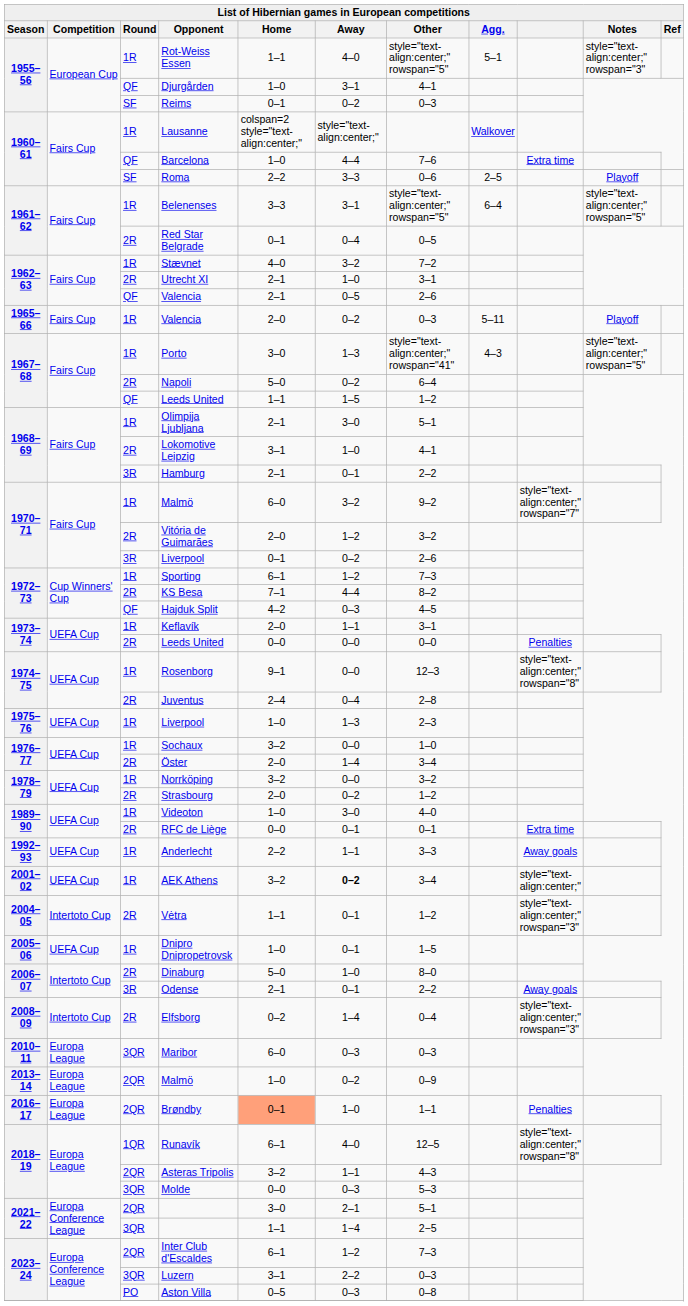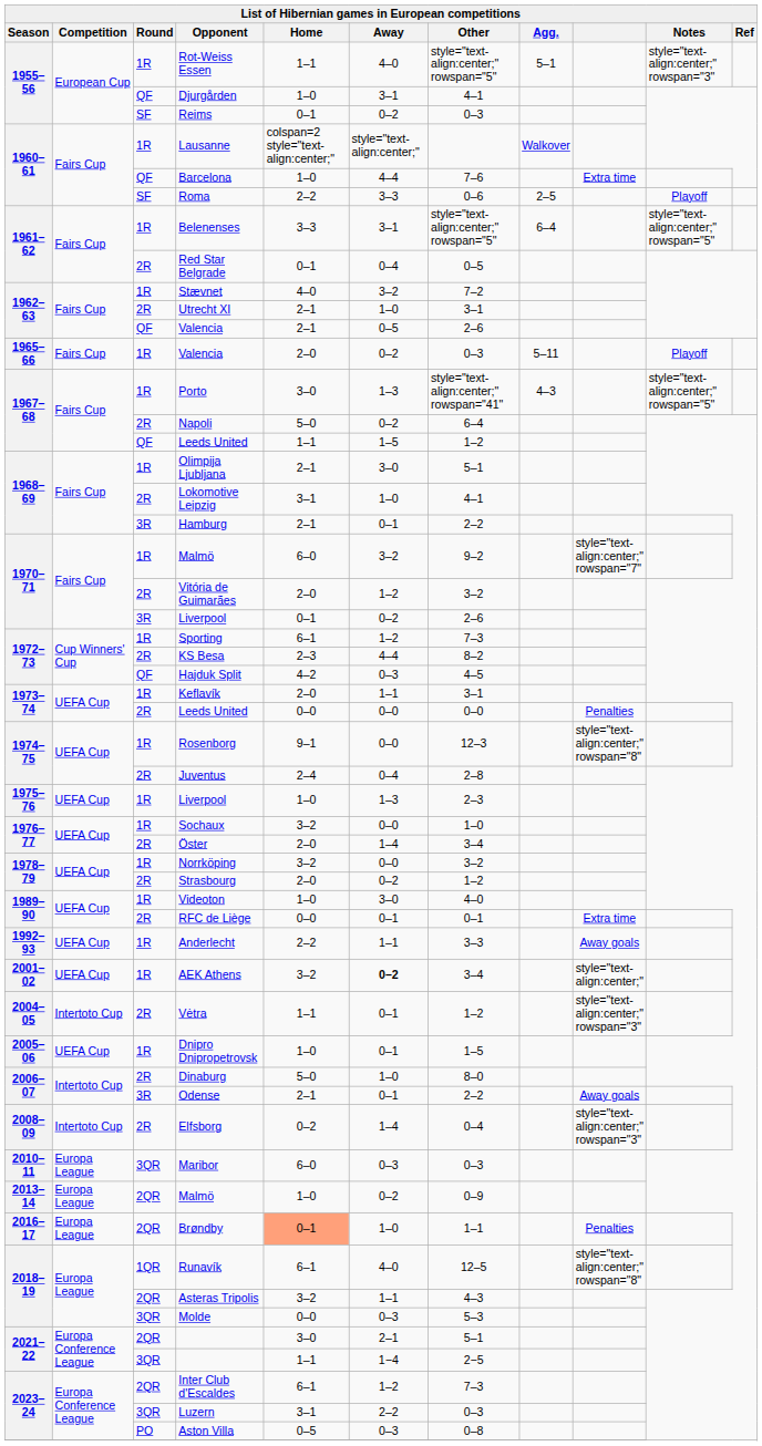 <table class="sortable plainrowheaders wikitable" width="65%" style="text-align: left;">
 <tr>
 <th style="background:#EFEFEF;" colspan=17>List of Hibernian games in European competitions</th>
 </tr>
 <tr>
 <th>Season</th>
 <th>Competition</th>
 <th>Round</th>
 <th>Opponent</th>
 <th class="unsortable">Home</th>
 <th class="unsortable">Away</th>
 <th class="unsortable">Other</th>
 <th class="unsortable"><a href='#'>Agg.</a></th>
 <th scope="col" width=15></th>
 <th class="unsortable">Notes</th>
 <th class="unsortable">Ref</th>
 </tr>
 <tr>
 <th scope="row" rowspan="3"><a href='#'>1955–56</a></th>
 <td rowspan="3"><a href='#'>European Cup</a></td>
 <td><a href='#'>1R</a></td>
 <td> <a href='#'>Rot-Weiss Essen</a></td>
 <td style="text-align:center;">1–1</td>
 <td style="text-align:center;">4–0</td>
 <td>style="text-align:center;" rowspan="5" </td>
 <td style="text-align:center;">5–1</td>
 <td style="text-align:center;"></td>
 <td>style="text-align:center;" rowspan="3" </td>
 <td style="text-align:center;"></td>
 </tr>
 <tr>
 <td><a href='#'>QF</a></td>
 <td> <a href='#'>Djurgården</a></td>
 <td style="text-align:center;">1–0</td>
 <td style="text-align:center;">3–1</td>
 <td style="text-align:center;">4–1</td>
 <td style="text-align:center;"></td>
 <td style="text-align:center;"></td>
 </tr>
 <tr>
 <td><a href='#'>SF</a></td>
 <td> <a href='#'>Reims</a></td>
 <td style="text-align:center;">0–1</td>
 <td style="text-align:center;">0–2</td>
 <td style="text-align:center;">0–3</td>
 <td style="text-align:center;"></td>
 <td style="text-align:center;"></td>
 </tr>
 <tr>
 <th scope="row" rowspan="3"><a href='#'>1960–61</a></th>
 <td rowspan="3"><a href='#'>Fairs Cup</a></td>
 <td><a href='#'>1R</a></td>
 <td> <a href='#'>Lausanne</a></td>
 <td>colspan=2 style="text-align:center;" </td>
 <td>style="text-align:center;" </td>
 <td style="text-align:center;"></td>
 <td style="text-align:center;"><a href='#'>Walkover</a></td>
 <td style="text-align:center;"></td>
 </tr>
 <tr>
 <td><a href='#'>QF</a></td>
 <td> <a href='#'>Barcelona</a></td>
 <td style="text-align:center;">1–0</td>
 <td style="text-align:center;">4–4</td>
 <td style="text-align:center;">7–6</td>
 <td style="text-align:center;"></td>
 <td style="text-align:center;"><a href='#'>Extra time</a></td>
 <td style="text-align:center;"></td>
 </tr>
 <tr>
 <td><a href='#'>SF</a></td>
 <td> <a href='#'>Roma</a></td>
 <td style="text-align:center;">2–2</td>
 <td style="text-align:center;">3–3</td>
 <td style="text-align:center;">0–6</td>
 <td style="text-align:center;">2–5</td>
 <td style="text-align:center;"></td>
 <td style="text-align:center;"><a href='#'>Playoff</a></td>
 <td style="text-align:center;"></td>
 </tr>
 <tr>
 <th scope="row" rowspan="2"><a href='#'>1961–62</a></th>
 <td rowspan="2"><a href='#'>Fairs Cup</a></td>
 <td><a href='#'>1R</a></td>
 <td> <a href='#'>Belenenses</a></td>
 <td style="text-align:center;">3–3</td>
 <td style="text-align:center;">3–1</td>
 <td>style="text-align:center;" rowspan="5" </td>
 <td style="text-align:center;">6–4</td>
 <td style="text-align:center;"></td>
 <td>style="text-align:center;" rowspan="5" </td>
 <td></td>
 </tr>
 <tr>
 <td><a href='#'>2R</a></td>
 <td> <a href='#'>Red Star Belgrade</a></td>
 <td style="text-align:center;">0–1</td>
 <td style="text-align:center;">0–4</td>
 <td style="text-align:center;">0–5</td>
 <td style="text-align:center;"></td>
 <td></td>
 </tr>
 <tr>
 <th scope="row" rowspan="3"><a href='#'>1962–63</a></th>
 <td rowspan="3"><a href='#'>Fairs Cup</a></td>
 <td><a href='#'>1R</a></td>
 <td> <a href='#'>Stævnet</a></td>
 <td style="text-align:center;">4–0</td>
 <td style="text-align:center;">3–2</td>
 <td style="text-align:center;">7–2</td>
 <td style="text-align:center;"></td>
 <td style="text-align:center;"></td>
 </tr>
 <tr>
 <td><a href='#'>2R</a></td>
 <td> <a href='#'>Utrecht XI</a></td>
 <td style="text-align:center;">2–1</td>
 <td style="text-align:center;">1–0</td>
 <td style="text-align:center;">3–1</td>
 <td style="text-align:center;"></td>
 <td style="text-align:center;"></td>
 </tr>
 <tr>
 <td><a href='#'>QF</a></td>
 <td> <a href='#'>Valencia</a></td>
 <td style="text-align:center;">2–1</td>
 <td style="text-align:center;">0–5</td>
 <td style="text-align:center;">2–6</td>
 <td style="text-align:center;"></td>
 <td></td>
 </tr>
 <tr>
 <th scope="row"><a href='#'>1965–66</a></th>
 <td><a href='#'>Fairs Cup</a></td>
 <td><a href='#'>1R</a></td>
 <td> <a href='#'>Valencia</a></td>
 <td style="text-align:center;">2–0</td>
 <td style="text-align:center;">0–2</td>
 <td style="text-align:center;">0–3</td>
 <td style="text-align:center;">5–11</td>
 <td style="text-align:center;"></td>
 <td style="text-align:center;"><a href='#'>Playoff</a></td>
 <td style="text-align:center;"></td>
 </tr>
 <tr>
 <th scope="row" rowspan="3"><a href='#'>1967–68</a></th>
 <td rowspan="3"><a href='#'>Fairs Cup</a></td>
 <td><a href='#'>1R</a></td>
 <td> <a href='#'>Porto</a></td>
 <td style="text-align:center;">3–0</td>
 <td style="text-align:center;">1–3</td>
 <td>style="text-align:center;" rowspan="41" </td>
 <td style="text-align:center;">4–3</td>
 <td style="text-align:center;"></td>
 <td>style="text-align:center;" rowspan="5" </td>
 <td></td>
 </tr>
 <tr>
 <td><a href='#'>2R</a></td>
 <td> <a href='#'>Napoli</a></td>
 <td style="text-align:center;">5–0</td>
 <td style="text-align:center;">0–2</td>
 <td style="text-align:center;">6–4</td>
 <td style="text-align:center;"></td>
 <td style="text-align:center;"></td>
 </tr>
 <tr>
 <td><a href='#'>QF</a></td>
 <td> <a href='#'>Leeds United</a></td>
 <td style="text-align:center;">1–1</td>
 <td style="text-align:center;">1–5</td>
 <td style="text-align:center;">1–2</td>
 <td style="text-align:center;"></td>
 <td style="text-align:center;"></td>
 </tr>
 <tr>
 <th scope="row" rowspan="3"><a href='#'>1968–69</a></th>
 <td rowspan="3"><a href='#'>Fairs Cup</a></td>
 <td><a href='#'>1R</a></td>
 <td> <a href='#'>Olimpija Ljubljana</a></td>
 <td style="text-align:center;">2–1</td>
 <td style="text-align:center;">3–0</td>
 <td style="text-align:center;">5–1</td>
 <td style="text-align:center;"></td>
 <td style="text-align:center;"></td>
 </tr>
 <tr>
 <td><a href='#'>2R</a></td>
 <td> <a href='#'>Lokomotive Leipzig</a></td>
 <td style="text-align:center;">3–1</td>
 <td style="text-align:center;">1–0</td>
 <td style="text-align:center;">4–1</td>
 <td style="text-align:center;"></td>
 <td style="text-align:center;"></td>
 </tr>
 <tr>
 <td><a href='#'>3R</a></td>
 <td> <a href='#'>Hamburg</a></td>
 <td style="text-align:center;">2–1</td>
 <td style="text-align:center;">0–1</td>
 <td style="text-align:center;">2–2</td>
 <td style="text-align:center;"></td>
 <td style="text-align:center;"></td>
 <td style="text-align:center;"></td>
 </tr>
 <tr>
 <th scope="row" rowspan="3"><a href='#'>1970–71</a></th>
 <td rowspan="3"><a href='#'>Fairs Cup</a></td>
 <td><a href='#'>1R</a></td>
 <td> <a href='#'>Malmö</a></td>
 <td style="text-align:center;">6–0</td>
 <td style="text-align:center;">3–2</td>
 <td style="text-align:center;">9–2</td>
 <td style="text-align:center;"></td>
 <td>style="text-align:center;" rowspan="7" </td>
 <td style="text-align:center;"></td>
 </tr>
 <tr>
 <td><a href='#'>2R</a></td>
 <td> <a href='#'>Vitória de Guimarães</a></td>
 <td style="text-align:center;">2–0</td>
 <td style="text-align:center;">1–2</td>
 <td style="text-align:center;">3–2</td>
 <td style="text-align:center;"></td>
 <td style="text-align:center;"></td>
 </tr>
 <tr>
 <td><a href='#'>3R</a></td>
 <td> <a href='#'>Liverpool</a></td>
 <td style="text-align:center;">0–1</td>
 <td style="text-align:center;">0–2</td>
 <td style="text-align:center;">2–6</td>
 <td style="text-align:center;"></td>
 <td style="text-align:center;"></td>
 </tr>
 <tr>
 <th scope="row" rowspan="3"><a href='#'>1972–73</a></th>
 <td rowspan="3"><a href='#'>Cup Winners' Cup</a></td>
 <td><a href='#'>1R</a></td>
 <td> <a href='#'>Sporting</a></td>
 <td style="text-align:center;">6–1</td>
 <td style="text-align:center;">1–2</td>
 <td style="text-align:center;">7–3</td>
 <td style="text-align:center;"></td>
 <td style="text-align:center;"></td>
 </tr>
 <tr>
 <td><a href='#'>2R</a></td>
 <td> <a href='#'>KS Besa</a></td>
-<td style="text-align:center;">7–1</td>
+<td style="text-align:center;">2–3</td>
 <td style="text-align:center;">4–4</td>
 <td style="text-align:center;">8–2</td>
 <td style="text-align:center;"></td>
 <td style="text-align:center;"></td>
 </tr>
 <tr>
 <td><a href='#'>QF</a></td>
 <td> <a href='#'>Hajduk Split</a></td>
 <td style="text-align:center;">4–2</td>
 <td style="text-align:center;">0–3</td>
 <td style="text-align:center;">4–5</td>
 <td style="text-align:center;"></td>
 <td style="text-align:center;"></td>
 </tr>
 <tr>
 <th scope="row" rowspan="2"><a href='#'>1973–74</a></th>
 <td rowspan="2"><a href='#'>UEFA Cup</a></td>
 <td><a href='#'>1R</a></td>
 <td> <a href='#'>Keflavík</a></td>
 <td style="text-align:center;">2–0</td>
 <td style="text-align:center;">1–1</td>
 <td style="text-align:center;">3–1</td>
 <td style="text-align:center;"></td>
 <td style="text-align:center;"></td>
 </tr>
 <tr>
 <td><a href='#'>2R</a></td>
 <td> <a href='#'>Leeds United</a></td>
 <td style="text-align:center;">0–0</td>
 <td style="text-align:center;">0–0</td>
 <td style="text-align:center;">0–0</td>
 <td style="text-align:center;"></td>
 <td style="text-align:center;"><a href='#'>Penalties</a></td>
 <td style="text-align:center;"></td>
 </tr>
 <tr>
 <th scope="row" rowspan="2"><a href='#'>1974–75</a></th>
 <td rowspan="2"><a href='#'>UEFA Cup</a></td>
 <td><a href='#'>1R</a></td>
 <td> <a href='#'>Rosenborg</a></td>
 <td style="text-align:center;">9–1</td>
 <td style="text-align:center;">0–0</td>
 <td style="text-align:center;">12–3</td>
 <td style="text-align:center;"></td>
 <td>style="text-align:center;" rowspan="8" </td>
 <td style="text-align:center;"></td>
 </tr>
 <tr>
 <td><a href='#'>2R</a></td>
 <td> <a href='#'>Juventus</a></td>
 <td style="text-align:center;">2–4</td>
 <td style="text-align:center;">0–4</td>
 <td style="text-align:center;">2–8</td>
 <td style="text-align:center;"></td>
 <td style="text-align:center;"></td>
 </tr>
 <tr>
 <th scope="row"><a href='#'>1975–76</a></th>
 <td><a href='#'>UEFA Cup</a></td>
 <td><a href='#'>1R</a></td>
 <td> <a href='#'>Liverpool</a></td>
 <td style="text-align:center;">1–0</td>
 <td style="text-align:center;">1–3</td>
 <td style="text-align:center;">2–3</td>
 <td style="text-align:center;"></td>
 <td style="text-align:center;"></td>
 </tr>
 <tr>
 <th scope="row" rowspan="2"><a href='#'>1976–77</a></th>
 <td rowspan="2"><a href='#'>UEFA Cup</a></td>
 <td><a href='#'>1R</a></td>
 <td> <a href='#'>Sochaux</a></td>
 <td style="text-align:center;">3–2</td>
 <td style="text-align:center;">0–0</td>
 <td style="text-align:center;">1–0</td>
 <td style="text-align:center;"></td>
 <td style="text-align:center;"></td>
 </tr>
 <tr>
 <td><a href='#'>2R</a></td>
 <td> <a href='#'>Öster</a></td>
 <td style="text-align:center;">2–0</td>
 <td style="text-align:center;">1–4</td>
 <td style="text-align:center;">3–4</td>
 <td style="text-align:center;"></td>
 <td style="text-align:center;"></td>
 </tr>
 <tr>
 <th scope="row" rowspan="2"><a href='#'>1978–79</a></th>
 <td rowspan="2"><a href='#'>UEFA Cup</a></td>
 <td><a href='#'>1R</a></td>
 <td> <a href='#'>Norrköping</a></td>
 <td style="text-align:center;">3–2</td>
 <td style="text-align:center;">0–0</td>
 <td style="text-align:center;">3–2</td>
 <td style="text-align:center;"></td>
 <td style="text-align:center;"></td>
 </tr>
 <tr>
 <td><a href='#'>2R</a></td>
 <td> <a href='#'>Strasbourg</a></td>
 <td style="text-align:center;">2–0</td>
 <td style="text-align:center;">0–2</td>
 <td style="text-align:center;">1–2</td>
 <td style="text-align:center;"></td>
 <td style="text-align:center;"></td>
 </tr>
 <tr>
 <th scope="row" rowspan="2"><a href='#'>1989–90</a></th>
 <td rowspan="2"><a href='#'>UEFA Cup</a></td>
 <td><a href='#'>1R</a></td>
 <td> <a href='#'>Videoton</a></td>
 <td style="text-align:center;">1–0</td>
 <td style="text-align:center;">3–0</td>
 <td style="text-align:center;">4–0</td>
 <td style="text-align:center;"></td>
 <td style="text-align:center;"></td>
 </tr>
 <tr>
 <td><a href='#'>2R</a></td>
 <td> <a href='#'>RFC de Liège</a></td>
 <td style="text-align:center;">0–0</td>
 <td style="text-align:center;">0–1</td>
 <td style="text-align:center;">0–1</td>
 <td style="text-align:center;"></td>
 <td style="text-align:center;"><a href='#'>Extra time</a></td>
 <td style="text-align:center;"></td>
 </tr>
 <tr>
 <th scope="row"><a href='#'>1992–93</a></th>
 <td><a href='#'>UEFA Cup</a></td>
 <td><a href='#'>1R</a></td>
 <td> <a href='#'>Anderlecht</a></td>
 <td style="text-align:center;">2–2</td>
 <td style="text-align:center;">1–1</td>
 <td style="text-align:center;">3–3</td>
 <td style="text-align:center;"></td>
 <td style="text-align:center;"><a href='#'>Away goals</a></td>
 <td style="text-align:center;"></td>
 </tr>
 <tr>
 <th scope="row"><a href='#'>2001–02</a></th>
 <td><a href='#'>UEFA Cup</a></td>
 <td><a href='#'>1R</a></td>
 <td> <a href='#'>AEK Athens</a></td>
 <td style="text-align:center;">3–2</td>
 <td style="text-align:center;"><strong>0–2</strong></td>
 <td style="text-align:center;">3–4</td>
 <td style="text-align:center;"></td>
 <td>style="text-align:center;" </td>
 <td style="text-align:center;"></td>
 </tr>
 <tr>
 <th scope="row"><a href='#'>2004–05</a></th>
 <td><a href='#'>Intertoto Cup</a></td>
 <td><a href='#'>2R</a></td>
 <td> <a href='#'>Vėtra</a></td>
 <td style="text-align:center;">1–1</td>
 <td style="text-align:center;">0–1</td>
 <td style="text-align:center;">1–2</td>
 <td style="text-align:center;"></td>
 <td>style="text-align:center;" rowspan="3" </td>
 <td style="text-align:center;"></td>
 </tr>
 <tr>
 <th scope="row"><a href='#'>2005–06</a></th>
 <td><a href='#'>UEFA Cup</a></td>
 <td><a href='#'>1R</a></td>
 <td> <a href='#'>Dnipro Dnipropetrovsk</a></td>
 <td style="text-align:center;">1–0</td>
 <td style="text-align:center;">0–1</td>
 <td style="text-align:center;">1–5</td>
 <td style="text-align:center;"></td>
 <td style="text-align:center;"></td>
 </tr>
 <tr>
 <th scope="row" rowspan="2"><a href='#'>2006–07</a></th>
 <td rowspan="2"><a href='#'>Intertoto Cup</a></td>
 <td><a href='#'>2R</a></td>
 <td> <a href='#'>Dinaburg</a></td>
 <td style="text-align:center;">5–0</td>
 <td style="text-align:center;">1–0</td>
 <td style="text-align:center;">8–0</td>
 <td style="text-align:center;"></td>
 <td style="text-align:center;"></td>
 </tr>
 <tr>
 <td><a href='#'>3R</a></td>
 <td> <a href='#'>Odense</a></td>
 <td style="text-align:center;">2–1</td>
 <td style="text-align:center;">0–1</td>
 <td style="text-align:center;">2–2</td>
 <td style="text-align:center;"></td>
 <td style="text-align:center;"><a href='#'>Away goals</a></td>
 <td style="text-align:center;"></td>
 </tr>
 <tr>
 <th scope="row"><a href='#'>2008–09</a></th>
 <td><a href='#'>Intertoto Cup</a></td>
 <td><a href='#'>2R</a></td>
 <td> <a href='#'>Elfsborg</a></td>
 <td style="text-align:center;">0–2</td>
 <td style="text-align:center;">1–4</td>
 <td style="text-align:center;">0–4</td>
 <td style="text-align:center;"></td>
 <td>style="text-align:center;" rowspan="3" </td>
 <td style="text-align:center;"></td>
 </tr>
 <tr>
 <th scope="row"><a href='#'>2010–11</a></th>
 <td><a href='#'>Europa League</a></td>
 <td><a href='#'>3QR</a></td>
 <td> <a href='#'>Maribor</a></td>
 <td style="text-align:center;">6–0</td>
 <td style="text-align:center;">0–3</td>
 <td style="text-align:center;">0–3</td>
 <td style="text-align:center;"></td>
 <td style="text-align:center;"></td>
 </tr>
 <tr>
 <th scope="row"><a href='#'>2013–14</a></th>
 <td><a href='#'>Europa League</a></td>
 <td><a href='#'>2QR</a></td>
 <td> <a href='#'>Malmö</a></td>
 <td style="text-align:center;">1–0</td>
 <td style="text-align:center;">0–2</td>
 <td style="text-align:center;">0–9</td>
 <td style="text-align:center;"></td>
 <td style="text-align:center;"></td>
 </tr>
 <tr>
 <th scope="row"><a href='#'>2016–17</a></th>
 <td><a href='#'>Europa League</a></td>
 <td><a href='#'>2QR</a></td>
 <td> <a href='#'>Brøndby</a></td>
 <td style="background: lightsalmon; text-align:center;">0–1</td>
 <td style="text-align:center;">1–0</td>
 <td style="text-align:center;">1–1</td>
 <td style="text-align:center;"></td>
 <td style="text-align:center;"><a href='#'>Penalties</a></td>
 <td style="text-align:center;"></td>
 </tr>
 <tr>
 <th scope="row" rowspan="3"><a href='#'>2018–19</a></th>
 <td rowspan="3"><a href='#'>Europa League</a></td>
 <td><a href='#'>1QR</a></td>
 <td> <a href='#'>Runavík</a></td>
 <td style="text-align:center;">6–1</td>
 <td style="text-align:center;">4–0</td>
 <td style="text-align:center;">12–5</td>
 <td style="text-align:center;"></td>
 <td>style="text-align:center;" rowspan="8" </td>
 <td style="text-align:center;"></td>
 </tr>
 <tr>
 <td><a href='#'>2QR</a></td>
 <td> <a href='#'>Asteras Tripolis</a></td>
 <td style="text-align:center;">3–2</td>
 <td style="text-align:center;">1–1</td>
 <td style="text-align:center;">4–3</td>
 <td style="text-align:center;"></td>
 <td style="text-align:center;"></td>
 </tr>
 <tr>
 <td><a href='#'>3QR</a></td>
 <td> <a href='#'>Molde</a></td>
 <td style="text-align:center;">0–0</td>
 <td style="text-align:center;">0–3</td>
 <td style="text-align:center;">5–3</td>
 <td style="text-align:center;"></td>
 <td style="text-align:center;"></td>
 </tr>
 <tr>
 <th scope="row" rowspan="2"><a href='#'>2021–22</a></th>
 <td rowspan="2"><a href='#'>Europa Conference League</a></td>
 <td><a href='#'>2QR</a></td>
 <td></td>
 <td style="text-align:center;">3–0</td>
 <td style="text-align:center;">2–1</td>
 <td style="text-align:center;">5–1</td>
 <td style="text-align:center;"></td>
 <td style="text-align:center;"></td>
 </tr>
 <tr>
 <td><a href='#'>3QR</a></td>
 <td></td>
 <td style="text-align:center;">1–1</td>
 <td style="text-align:center;">1−4</td>
 <td style="text-align:center;">2−5</td>
 <td style="text-align:center;"></td>
 <td style="text-align:center;"></td>
 </tr>
 <tr>
 <th scope="row" rowspan="3"><a href='#'>2023–24</a></th>
 <td rowspan="3"><a href='#'>Europa Conference League</a></td>
 <td><a href='#'>2QR</a></td>
 <td> <a href='#'>Inter Club d'Escaldes</a></td>
 <td style="text-align:center;">6–1</td>
 <td style="text-align:center;">1–2</td>
 <td style="text-align:center;">7–3</td>
 <td style="text-align:center;"></td>
 <td style="text-align:center;"></td>
 </tr>
 <tr>
 <td><a href='#'>3QR</a></td>
 <td> <a href='#'>Luzern</a></td>
 <td style="text-align:center;">3–1</td>
 <td style="text-align:center;">2–2</td>
 <td style="text-align:center;">0–3</td>
 <td style="text-align:center;"></td>
 <td style="text-align:center;"></td>
 </tr>
 <tr>
 <td><a href='#'>PO</a></td>
 <td> <a href='#'>Aston Villa</a></td>
 <td style="text-align:center;">0–5</td>
 <td style="text-align:center;">0–3</td>
 <td style="text-align:center;">0–8</td>
 <td style="text-align:center;"></td>
 <td style="text-align:center;"></td>
 </tr>
 <tr>
 </tr>
 </table>
